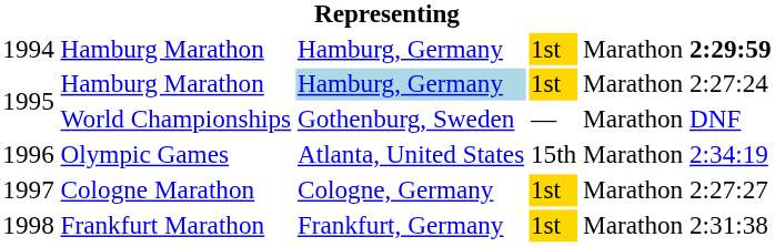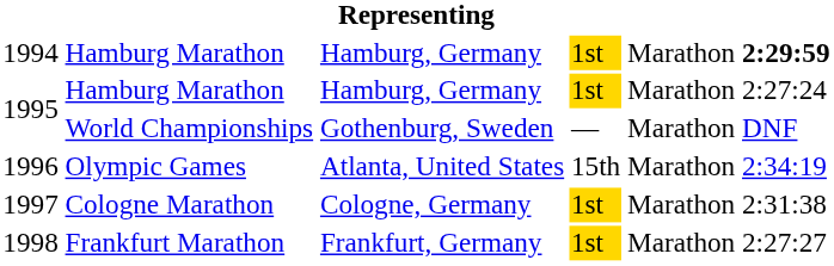 <table>
 <tr>
 <th colspan="6">Representing </th>
 </tr>
 <tr>
 <td>1994</td>
 <td><a href='#'>Hamburg Marathon</a></td>
 <td><a href='#'>Hamburg, Germany</a></td>
 <td bgcolor="gold">1st</td>
 <td>Marathon</td>
 <td><strong>2:29:59</strong></td>
 </tr>
 <tr>
 <td rowspan=2>1995</td>
 <td><a href='#'>Hamburg Marathon</a></td>
-<td style="background: lightblue;"><a href='#'>Hamburg, Germany</a></td>
+<td><a href='#'>Hamburg, Germany</a></td>
 <td bgcolor="gold">1st</td>
 <td>Marathon</td>
 <td>2:27:24</td>
 </tr>
 <tr>
 <td><a href='#'>World Championships</a></td>
 <td><a href='#'>Gothenburg, Sweden</a></td>
 <td>—</td>
 <td>Marathon</td>
 <td><a href='#'>DNF</a></td>
 </tr>
 <tr>
 <td>1996</td>
 <td><a href='#'>Olympic Games</a></td>
 <td><a href='#'>Atlanta, United States</a></td>
 <td>15th</td>
 <td>Marathon</td>
 <td><a href='#'>2:34:19</a></td>
 </tr>
 <tr>
 <td>1997</td>
 <td><a href='#'>Cologne Marathon</a></td>
 <td><a href='#'>Cologne, Germany</a></td>
 <td bgcolor="gold">1st</td>
 <td>Marathon</td>
-<td>2:27:27</td>
+<td>2:31:38</td>
 </tr>
 <tr>
 <td>1998</td>
 <td><a href='#'>Frankfurt Marathon</a></td>
 <td><a href='#'>Frankfurt, Germany</a></td>
 <td bgcolor="gold">1st</td>
 <td>Marathon</td>
-<td>2:31:38</td>
+<td>2:27:27</td>
 </tr>
 </table>
